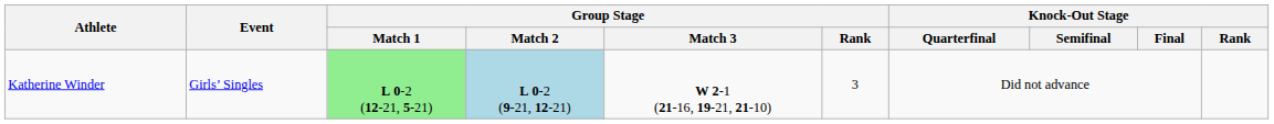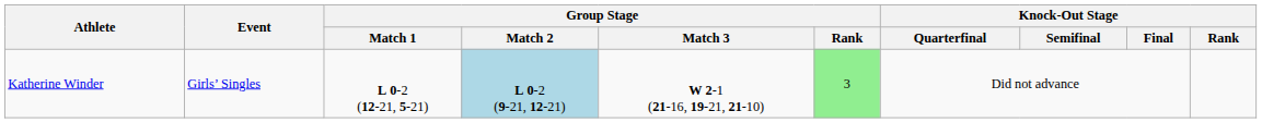 <table class="wikitable"  style="width:85%; text-align:left; font-size:90%;">
 <tr>
 <th rowspan=2>Athlete</th>
 <th rowspan=2>Event</th>
 <th colspan=4>Group Stage</th>
 <th colspan=4>Knock-Out Stage</th>
 </tr>
 <tr>
 <th>Match 1</th>
 <th>Match 2</th>
 <th>Match 3</th>
 <th>Rank</th>
 <th>Quarterfinal</th>
 <th>Semifinal</th>
 <th>Final</th>
 <th>Rank</th>
 </tr>
 <tr>
 <td><a href='#'>Katherine Winder</a></td>
 <td><a href='#'>Girls’ Singles</a></td>
-<td align=center style="background: lightgreen;"> <br><br><strong>L</strong> <strong>0</strong>-2 <br> (<strong>12</strong>-21, <strong>5</strong>-21)</td>
+<td align=center> <br><br><strong>L</strong> <strong>0</strong>-2 <br> (<strong>12</strong>-21, <strong>5</strong>-21)</td>
 <td align=center style="background: lightblue;"> <br><br><strong>L</strong> <strong>0</strong>-2 <br> (<strong>9</strong>-21, <strong>12</strong>-21)</td>
 <td align=center> <br><br><strong>W</strong> <strong>2</strong>-1 <br> (<strong>21</strong>-16, <strong>19</strong>-21, <strong>21</strong>-10)</td>
-<td align=center>3</td>
+<td align=center style="background: lightgreen;">3</td>
 <td colspan="3" style="text-align:center;">Did not advance</td>
 <td align=center></td>
 </tr>
 </table>
